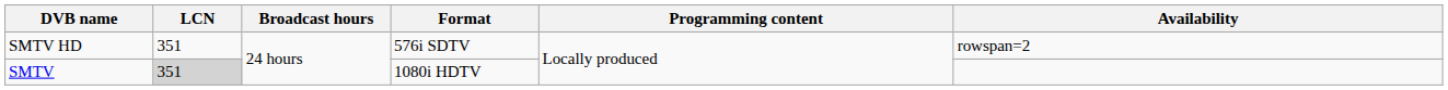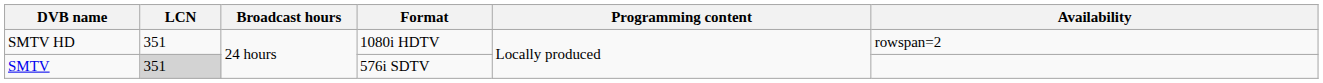 <table class="wikitable" style="font-size:90%; width:100%;">
 <tr>
 <th width="10%">DVB name</th>
 <th width="6%">LCN</th>
 <th width="10%">Broadcast hours</th>
 <th width="10%">Format</th>
 <th width="28%">Programming content</th>
 <th width="33%">Availability</th>
 </tr>
 <tr>
 <td>SMTV HD</td>
 <td>351</td>
 <td rowspan=2>24 hours</td>
-<td>576i SDTV</td>
+<td>1080i HDTV</td>
 <td rowspan=2>Locally produced</td>
 <td>rowspan=2 </td>
 </tr>
 <tr>
 <td><a href='#'>SMTV</a></td>
 <td style="background: lightgrey;">351</td>
-<td>1080i HDTV</td>
+<td>576i SDTV</td>
 </tr>
 </table>
